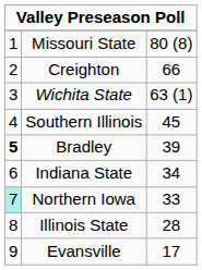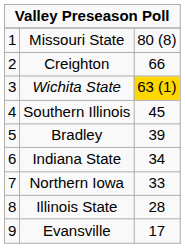 <table class="wikitable" style="display: inline-table;">
 <tr>
 <td align="center" Colspan="3"><strong>Valley Preseason Poll</strong></td>
 </tr>
 <tr align="center">
 </tr>
 <tr align="center">
 <td>1</td>
 <td>Missouri State</td>
 <td>80 (8)</td>
 </tr>
 <tr align="center">
 <td>2</td>
 <td>Creighton</td>
 <td>66</td>
 </tr>
 <tr align="center">
 <td>3</td>
 <td><em>Wichita State</em></td>
-<td>63 (1)</td>
+<td style="background: gold;">63 (1)</td>
 </tr>
 <tr align="center">
 <td>4</td>
 <td>Southern Illinois</td>
 <td>45</td>
 </tr>
 <tr align="center">
-<td><strong>5</strong></td>
+<td>5</td>
 <td>Bradley</td>
 <td>39</td>
 </tr>
 <tr align="center">
 <td>6</td>
 <td>Indiana State</td>
 <td>34</td>
 </tr>
 <tr align="center">
-<td style="background: paleturquoise;">7</td>
+<td>7</td>
 <td>Northern Iowa</td>
 <td>33</td>
 </tr>
 <tr align="center">
 <td>8</td>
 <td>Illinois State</td>
 <td>28</td>
 </tr>
 <tr align="center">
 <td>9</td>
 <td>Evansville</td>
 <td>17</td>
 </tr>
 </table>
